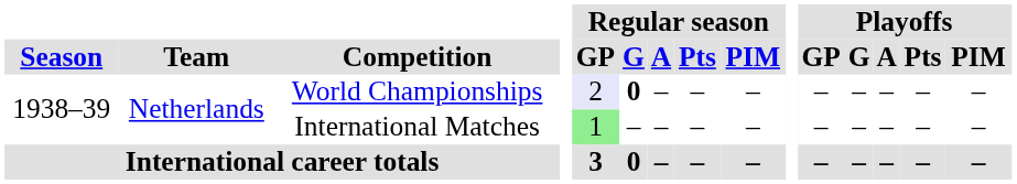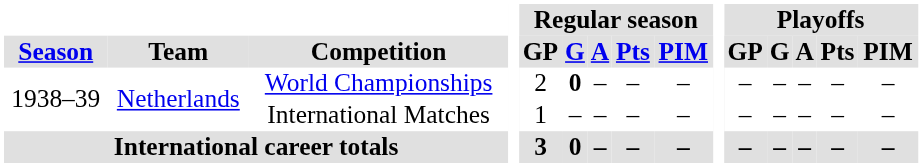 <table BORDER="0" CELLPADDING="1" CELLSPACING="0" width="65%" style="text-align:center">
 <tr bgcolor="#e0e0e0">
 <th colspan="3" bgcolor="#ffffff"> </th>
 <th rowspan="99" bgcolor="#ffffff"> </th>
 <th colspan="5">Regular season</th>
 <th rowspan="99" bgcolor="#ffffff"> </th>
 <th colspan="5">Playoffs</th>
 </tr>
 <tr bgcolor="#e0e0e0">
 <th><a href='#'>Season</a></th>
 <th>Team</th>
 <th>Competition</th>
 <th>GP</th>
 <th><a href='#'>G</a></th>
 <th><a href='#'>A</a></th>
 <th><a href='#'>Pts</a></th>
 <th><a href='#'>PIM</a></th>
 <th>GP</th>
 <th>G</th>
 <th>A</th>
 <th>Pts</th>
 <th>PIM</th>
 </tr>
 <tr ALIGN="center">
 <td rowspan="2">1938–39</td>
 <td rowspan="2"><a href='#'>Netherlands</a></td>
 <td><a href='#'>World Championships</a></td>
-<td style="background: lavender;">2</td>
+<td>2</td>
 <td><strong>0</strong></td>
 <td>–</td>
 <td>–</td>
 <td>–</td>
 <td>–</td>
 <td>–</td>
 <td>–</td>
 <td>–</td>
 <td>–</td>
 </tr>
 <tr>
 <td>International Matches</td>
-<td style="background: lightgreen;">1</td>
+<td>1</td>
 <td>–</td>
 <td>–</td>
 <td>–</td>
 <td>–</td>
 <td>–</td>
 <td>–</td>
 <td>–</td>
 <td>–</td>
 <td>–</td>
 </tr>
 <tr ALIGN="center" bgcolor="#e0e0e0">
 <th colspan="3" align="center">International career totals</th>
 <th>3</th>
 <th>0</th>
 <th>–</th>
 <th>–</th>
 <th>–</th>
 <th>–</th>
 <th>–</th>
 <th>–</th>
 <th>–</th>
 <th>–</th>
 </tr>
 </table>
